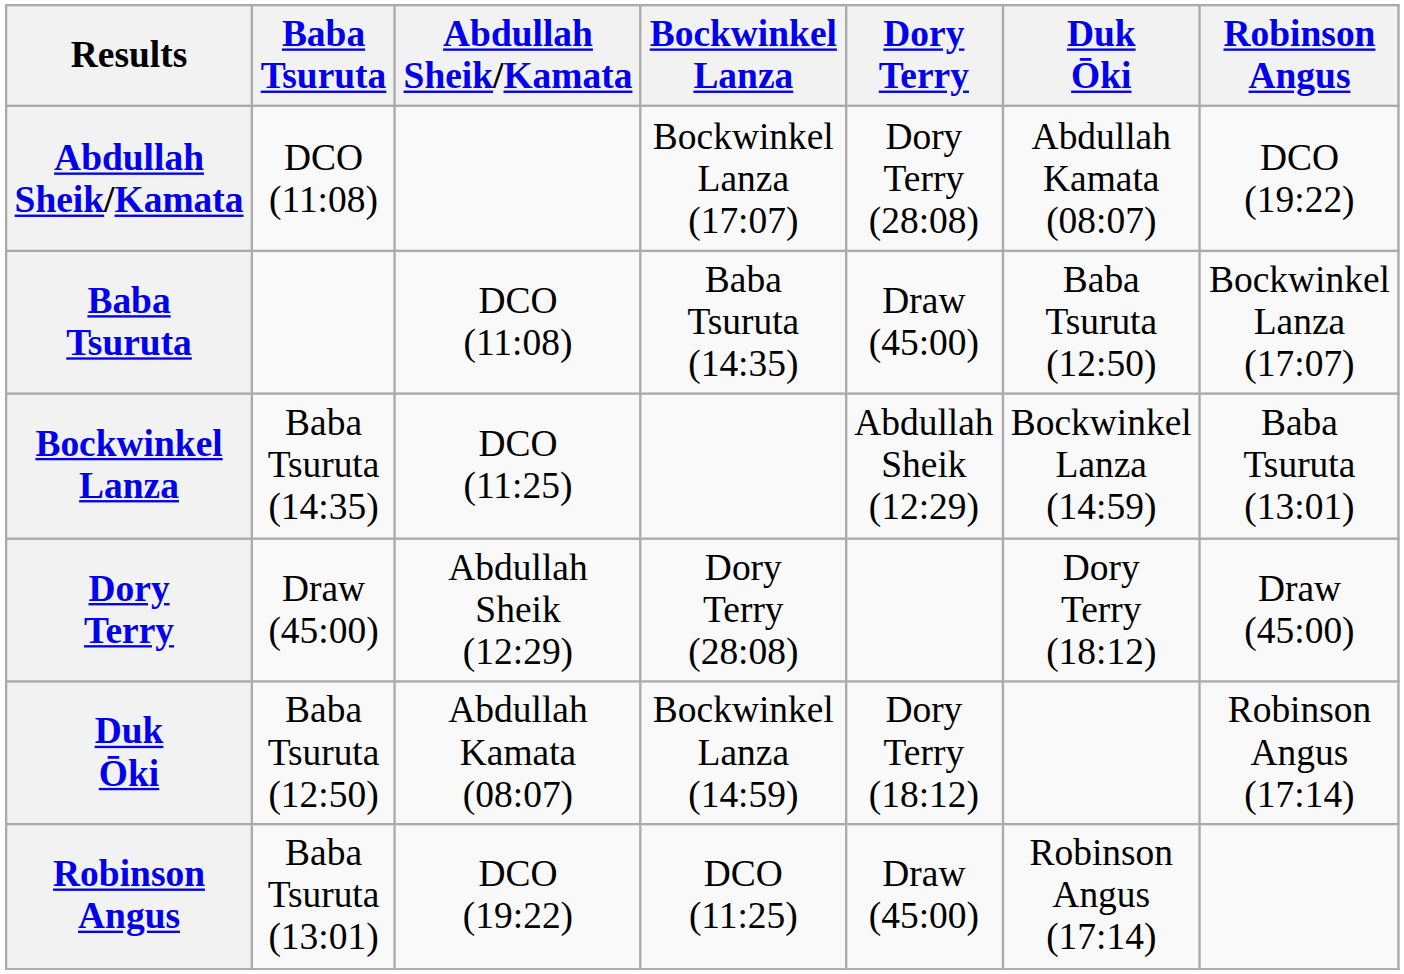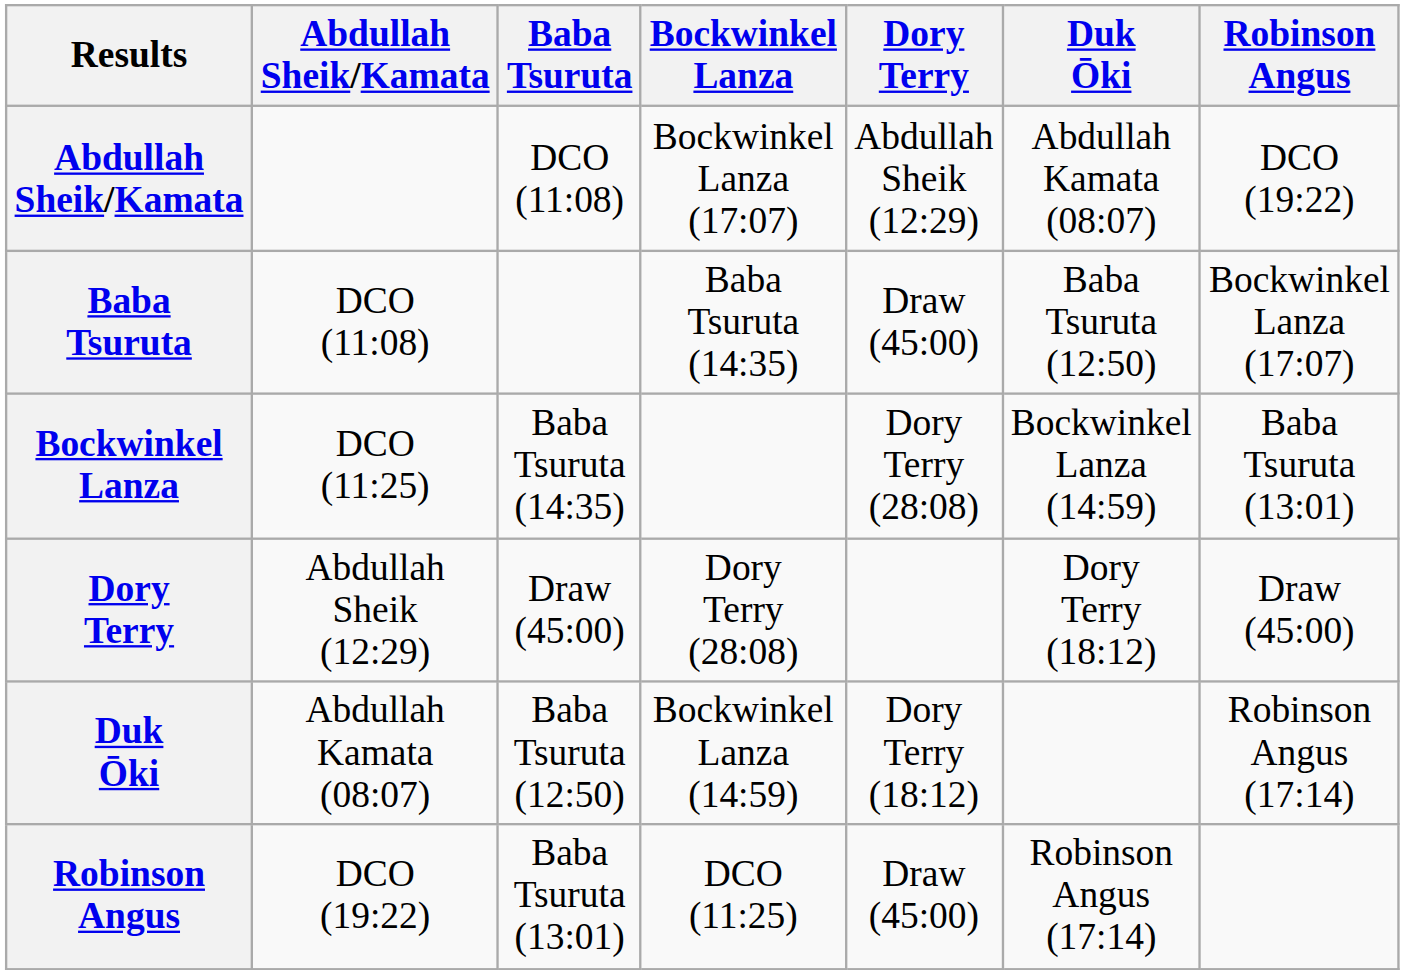 <table class="wikitable" style="text-align:center; margin: 1em auto 1em auto">
 <tr>
 <th>Results</th>
+<th><a href='#'>Abdullah</a><br><a href='#'>Sheik</a>/<a href='#'>Kamata</a></th>
 <th><a href='#'>Baba</a><br><a href='#'>Tsuruta</a></th>
-<th><a href='#'>Abdullah</a><br><a href='#'>Sheik</a>/<a href='#'>Kamata</a></th>
 <th><a href='#'>Bockwinkel</a><br><a href='#'>Lanza</a></th>
 <th><a href='#'>Dory</a><br><a href='#'>Terry</a></th>
 <th><a href='#'>Duk</a><br><a href='#'>Ōki</a></th>
 <th><a href='#'>Robinson</a><br><a href='#'>Angus</a></th>
 </tr>
 <tr>
 <th><a href='#'>Abdullah</a><br><a href='#'>Sheik</a>/<a href='#'>Kamata</a></th>
+<td></td>
 <td>DCO<br>(11:08)</td>
-<td></td>
 <td>Bockwinkel<br>Lanza<br>(17:07)</td>
-<td>Dory<br>Terry<br>(28:08)</td>
+<td>Abdullah<br>Sheik<br>(12:29)</td>
 <td>Abdullah<br>Kamata<br>(08:07)</td>
 <td>DCO<br>(19:22)</td>
 </tr>
 <tr>
 <th><a href='#'>Baba</a><br><a href='#'>Tsuruta</a></th>
+<td>DCO<br>(11:08)</td>
 <td></td>
-<td>DCO<br>(11:08)</td>
 <td>Baba<br>Tsuruta<br>(14:35)</td>
 <td>Draw<br>(45:00)</td>
 <td>Baba<br>Tsuruta<br>(12:50)</td>
 <td>Bockwinkel<br>Lanza<br>(17:07)</td>
 </tr>
 <tr>
 <th><a href='#'>Bockwinkel</a><br><a href='#'>Lanza</a></th>
+<td>DCO<br>(11:25)</td>
 <td>Baba<br>Tsuruta<br>(14:35)</td>
-<td>DCO<br>(11:25)</td>
 <td></td>
-<td>Abdullah<br>Sheik<br>(12:29)</td>
+<td>Dory<br>Terry<br>(28:08)</td>
 <td>Bockwinkel<br>Lanza<br>(14:59)</td>
 <td>Baba<br>Tsuruta<br>(13:01)</td>
 </tr>
 <tr>
 <th><a href='#'>Dory</a><br><a href='#'>Terry</a></th>
+<td>Abdullah<br>Sheik<br>(12:29)</td>
 <td>Draw<br>(45:00)</td>
-<td>Abdullah<br>Sheik<br>(12:29)</td>
 <td>Dory<br>Terry<br>(28:08)</td>
 <td></td>
 <td>Dory<br>Terry<br>(18:12)</td>
 <td>Draw<br>(45:00)</td>
 </tr>
 <tr>
 <th><a href='#'>Duk</a><br><a href='#'>Ōki</a></th>
+<td>Abdullah<br>Kamata<br>(08:07)</td>
 <td>Baba<br>Tsuruta<br>(12:50)</td>
-<td>Abdullah<br>Kamata<br>(08:07)</td>
 <td>Bockwinkel<br>Lanza<br>(14:59)</td>
 <td>Dory<br>Terry<br>(18:12)</td>
 <td></td>
 <td>Robinson<br>Angus<br>(17:14)</td>
 </tr>
 <tr>
 <th><a href='#'>Robinson</a><br><a href='#'>Angus</a></th>
+<td>DCO<br>(19:22)</td>
 <td>Baba<br>Tsuruta<br>(13:01)</td>
-<td>DCO<br>(19:22)</td>
 <td>DCO<br>(11:25)</td>
 <td>Draw<br>(45:00)</td>
 <td>Robinson<br>Angus<br>(17:14)</td>
 <td></td>
 </tr>
 </table>
